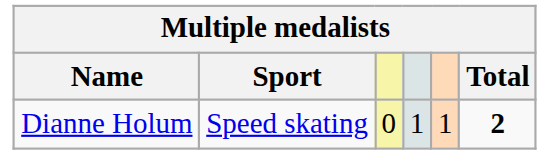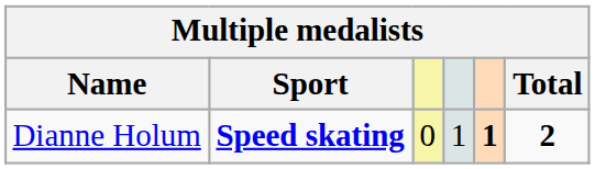 <table class=wikitable style="font-size:85%; float:right; text-align:center">
 <tr>
 <th colspan=6>Multiple medalists</th>
 </tr>
 <tr>
 <th>Name</th>
 <th>Sport</th>
 <td bgcolor=F7F6A8></td>
 <td bgcolor=DCE5E5></td>
 <td bgcolor=FFDAB9></td>
 <th>Total</th>
 </tr>
 <tr>
 <td><a href='#'>Dianne Holum</a></td>
-<td><a href='#'>Speed skating</a></td>
+<td><strong><a href='#'>Speed skating</a></strong></td>
 <td bgcolor=F7F6A8>0</td>
 <td bgcolor=DCE5E5>1</td>
-<td bgcolor=FFDAB9>1</td>
+<td bgcolor=FFDAB9><strong>1</strong></td>
 <td><strong>2</strong></td>
 </tr>
 </table>
